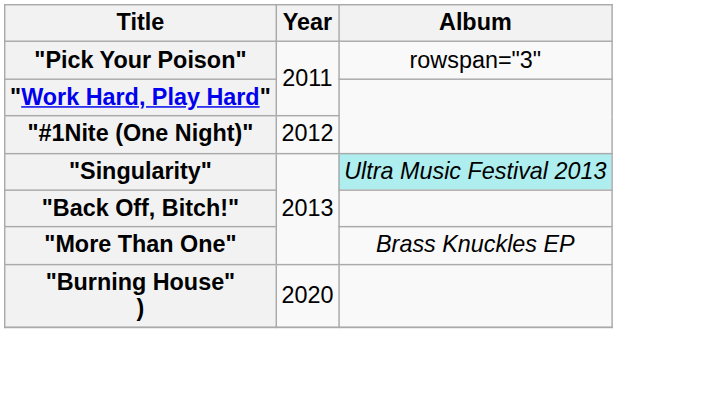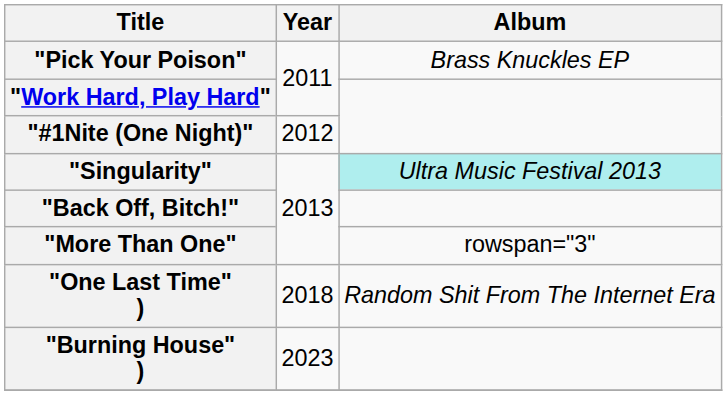 <table class="wikitable plainrowheaders" style="text-align:center;">
 <tr>
 <th scope="col">Title</th>
 <th scope="col">Year</th>
 <th scope="col">Album</th>
 </tr>
 <tr>
 <th scope="row">"Pick Your Poison"<br></th>
 <td rowspan="2">2011</td>
-<td>rowspan="3"</td>
+<td><em>Brass Knuckles EP</em></td>
 </tr>
 <tr>
 <th scope="row">"<a href='#'>Work Hard, Play Hard</a>"<br></th>
 </tr>
 <tr>
 <th scope="row">"#1Nite (One Night)"<br></th>
 <td>2012</td>
 </tr>
 <tr>
 <th scope="row">"Singularity"<br></th>
 <td rowspan="3">2013</td>
 <td style="background: paleturquoise;"><em>Ultra Music Festival 2013</em></td>
 </tr>
 <tr>
 <th scope="row">"Back Off, Bitch!"<br></th>
 <td></td>
 </tr>
 <tr>
 <th scope="row">"More Than One"<br></th>
-<td><em>Brass Knuckles EP</em></td>
+<td>rowspan="3"</td>
+</tr>
+<tr>
+<th scope="row">"One Last Time"<br>)</th>
+<td>2018</td>
+<td><em>Random Shit From The Internet Era</em></td>
 </tr>
 <tr>
 <th scope="row">"Burning House"<br>)</th>
-<td>2020</td>
+<td>2023</td>
 <td></td>
 </tr>
 <tr>
 </tr>
 </table>
